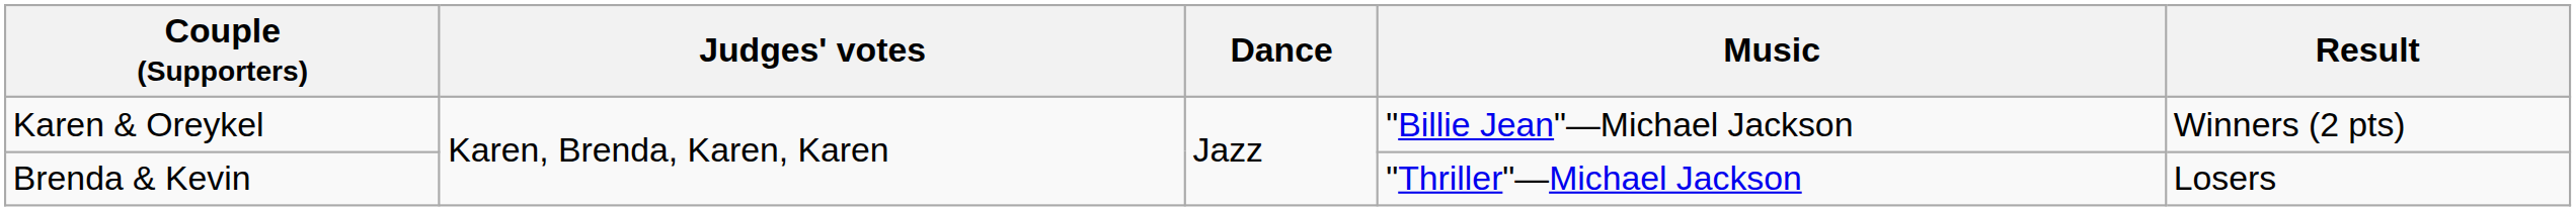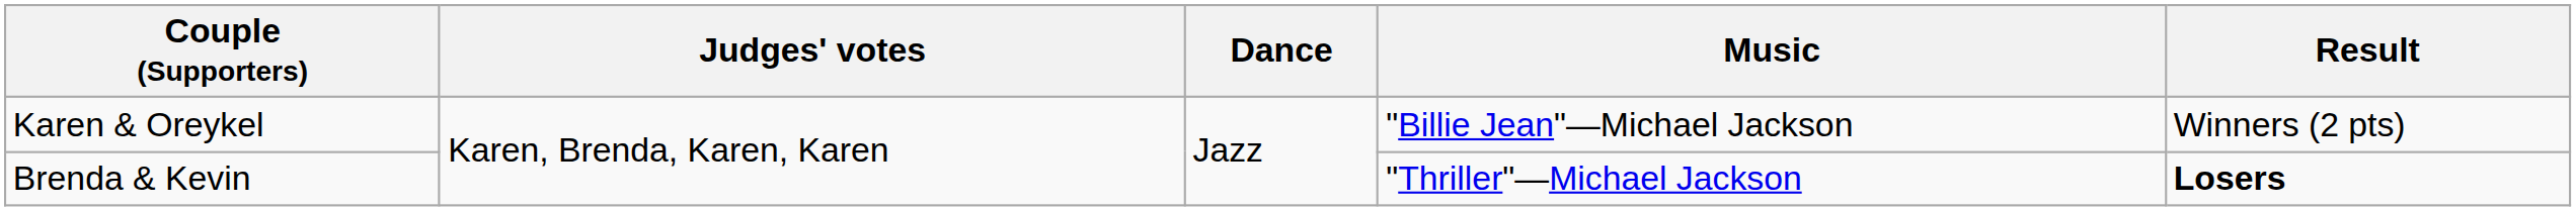 <table class="wikitable sortable" style="width:95%; white-space:nowrap;">
 <tr>
 <th>Couple<br><small>(Supporters)</small></th>
 <th>Judges' votes</th>
 <th>Dance</th>
 <th>Music</th>
 <th>Result</th>
 </tr>
 <tr>
 <td>Karen & Oreykel<br></td>
 <td rowspan=2>Karen, Brenda, Karen, Karen</td>
 <td rowspan=2>Jazz</td>
 <td>"<a href='#'>Billie Jean</a>"—Michael Jackson</td>
 <td>Winners (2 pts)</td>
 </tr>
 <tr>
 <td>Brenda & Kevin<br></td>
 <td>"<a href='#'>Thriller</a>"—<a href='#'>Michael Jackson</a></td>
-<td>Losers</td>
+<td><strong>Losers</strong></td>
 </tr>
 </table>
